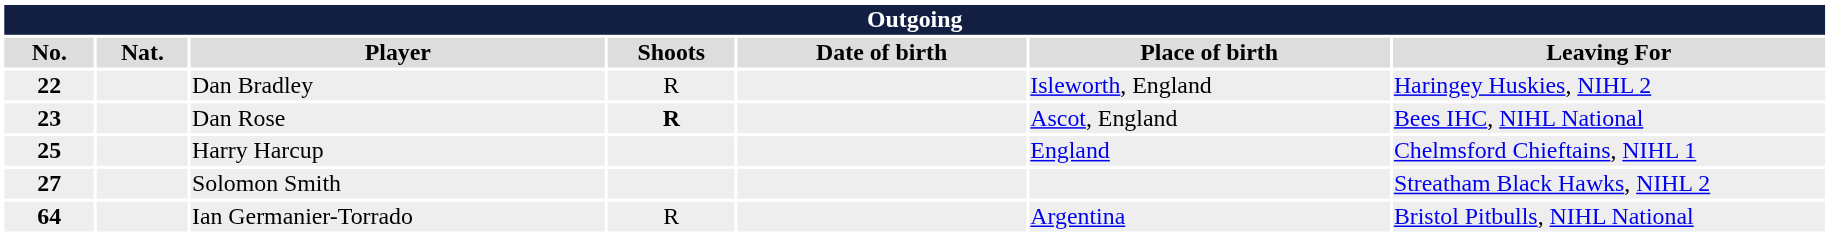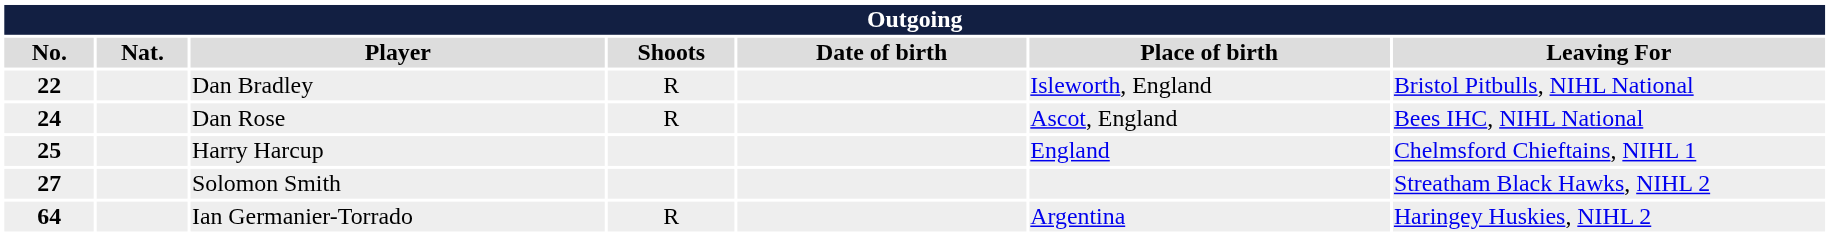 <table class="toccolours" style="width:97%; clear:both; margin:1.5em auto; text-align:center;">
 <tr>
 <th colspan="7" style="background:#121f42; color:white;”">Outgoing</th>
 </tr>
 <tr style="background:#ddd;">
 <th width="5%">No.</th>
 <th width="5%">Nat.</th>
 <th>Player</th>
 <th width="7%">Shoots</th>
 <th width="16%">Date of birth</th>
 <th width="20%">Place of birth</th>
 <th width="24%">Leaving For</th>
 </tr>
 <tr style="background:#eee;">
 <td><strong>22</strong></td>
 <td></td>
 <td align=left>Dan Bradley</td>
 <td>R</td>
 <td align=left></td>
 <td align=left><a href='#'>Isleworth</a>, England</td>
-<td align=left><a href='#'>Haringey Huskies</a>, <a href='#'>NIHL 2</a></td>
+<td align=left><a href='#'>Bristol Pitbulls</a>, <a href='#'>NIHL National</a></td>
 </tr>
 <tr style="background:#eee;">
-<td><strong>23</strong></td>
+<td><strong>24</strong></td>
 <td></td>
 <td align=left>Dan Rose</td>
-<td><strong>R</strong></td>
+<td>R</td>
 <td align=left></td>
 <td align=left><a href='#'>Ascot</a>, England</td>
 <td align=left><a href='#'>Bees IHC</a>, <a href='#'>NIHL National</a></td>
 </tr>
 <tr style="background:#eee;">
 <td><strong>25</strong></td>
 <td></td>
 <td align=left>Harry Harcup</td>
 <td></td>
 <td align=left></td>
 <td align=left><a href='#'>England</a></td>
 <td align=left><a href='#'>Chelmsford Chieftains</a>, <a href='#'>NIHL 1</a></td>
 </tr>
 <tr style="background:#eee;">
 <td><strong>27</strong></td>
 <td></td>
 <td align=left>Solomon Smith</td>
 <td></td>
 <td align=left></td>
 <td align=left></td>
 <td align=left><a href='#'>Streatham Black Hawks</a>, <a href='#'>NIHL 2</a></td>
 </tr>
 <tr style="background:#eee;">
 <td><strong>64</strong></td>
 <td></td>
 <td align=left>Ian Germanier-Torrado</td>
 <td>R</td>
 <td align=left></td>
 <td align=left><a href='#'>Argentina</a></td>
-<td align=left><a href='#'>Bristol Pitbulls</a>, <a href='#'>NIHL National</a></td>
+<td align=left><a href='#'>Haringey Huskies</a>, <a href='#'>NIHL 2</a></td>
 </tr>
 </table>
